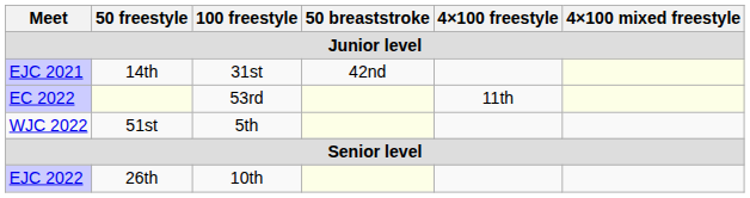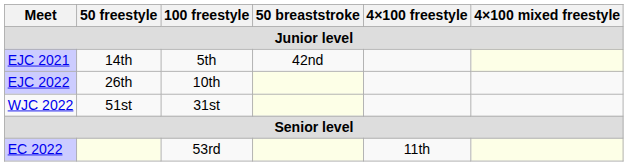 <table class="sortable wikitable">
 <tr>
 <th>Meet</th>
 <th class="unsortable">50 freestyle</th>
 <th class="unsortable">100 freestyle</th>
 <th class="unsortable">50 breaststroke</th>
 <th class="unsortable">4×100 freestyle</th>
 <th class="unsortable">4×100 mixed freestyle</th>
 </tr>
 <tr bgcolor="#DDDDDD">
 <td colspan="6" align="center"><strong>Junior level</strong></td>
 </tr>
 <tr>
 <td style="background:#ccccff"><a href='#'>EJC 2021</a></td>
 <td align="center">14th</td>
-<td align="center">31st</td>
+<td align="center">5th</td>
 <td align="center">42nd</td>
 <td align="center"></td>
 <td style="background:#fdffe7"></td>
+</tr>
+<tr>
+<td style="background:#ccccff"><a href='#'>EJC 2022</a></td>
+<td align="center">26th</td>
+<td align="center">10th</td>
+<td style="background:#fdffe7"></td>
+<td align="center"></td>
+<td align="center"></td>
+</tr>
+<tr>
+<td><a href='#'>WJC 2022</a></td>
+<td align="center">51st</td>
+<td align="center">31st</td>
+<td style="background:#fdffe7"></td>
+<td align="center"></td>
+<td align="center"></td>
+</tr>
+<tr bgcolor="#DDDDDD">
+<td colspan="6" align="center"><strong>Senior level</strong></td>
 </tr>
 <tr>
 <td style="background:#ccccff"><a href='#'>EC 2022</a></td>
 <td style="background:#fdffe7"></td>
 <td align="center">53rd</td>
 <td style="background:#fdffe7"></td>
 <td align="center">11th</td>
 <td style="background:#fdffe7"></td>
 </tr>
-<tr>
-<td><a href='#'>WJC 2022</a></td>
-<td align="center">51st</td>
-<td align="center">5th</td>
-<td style="background:#fdffe7"></td>
-<td align="center"></td>
-<td align="center"></td>
-</tr>
-<tr bgcolor="#DDDDDD">
-<td colspan="6" align="center"><strong>Senior level</strong></td>
-</tr>
-<tr>
-<td style="background:#ccccff"><a href='#'>EJC 2022</a></td>
-<td align="center">26th</td>
-<td align="center">10th</td>
-<td style="background:#fdffe7"></td>
-<td align="center"></td>
-<td align="center"></td>
-</tr>
 </table>
